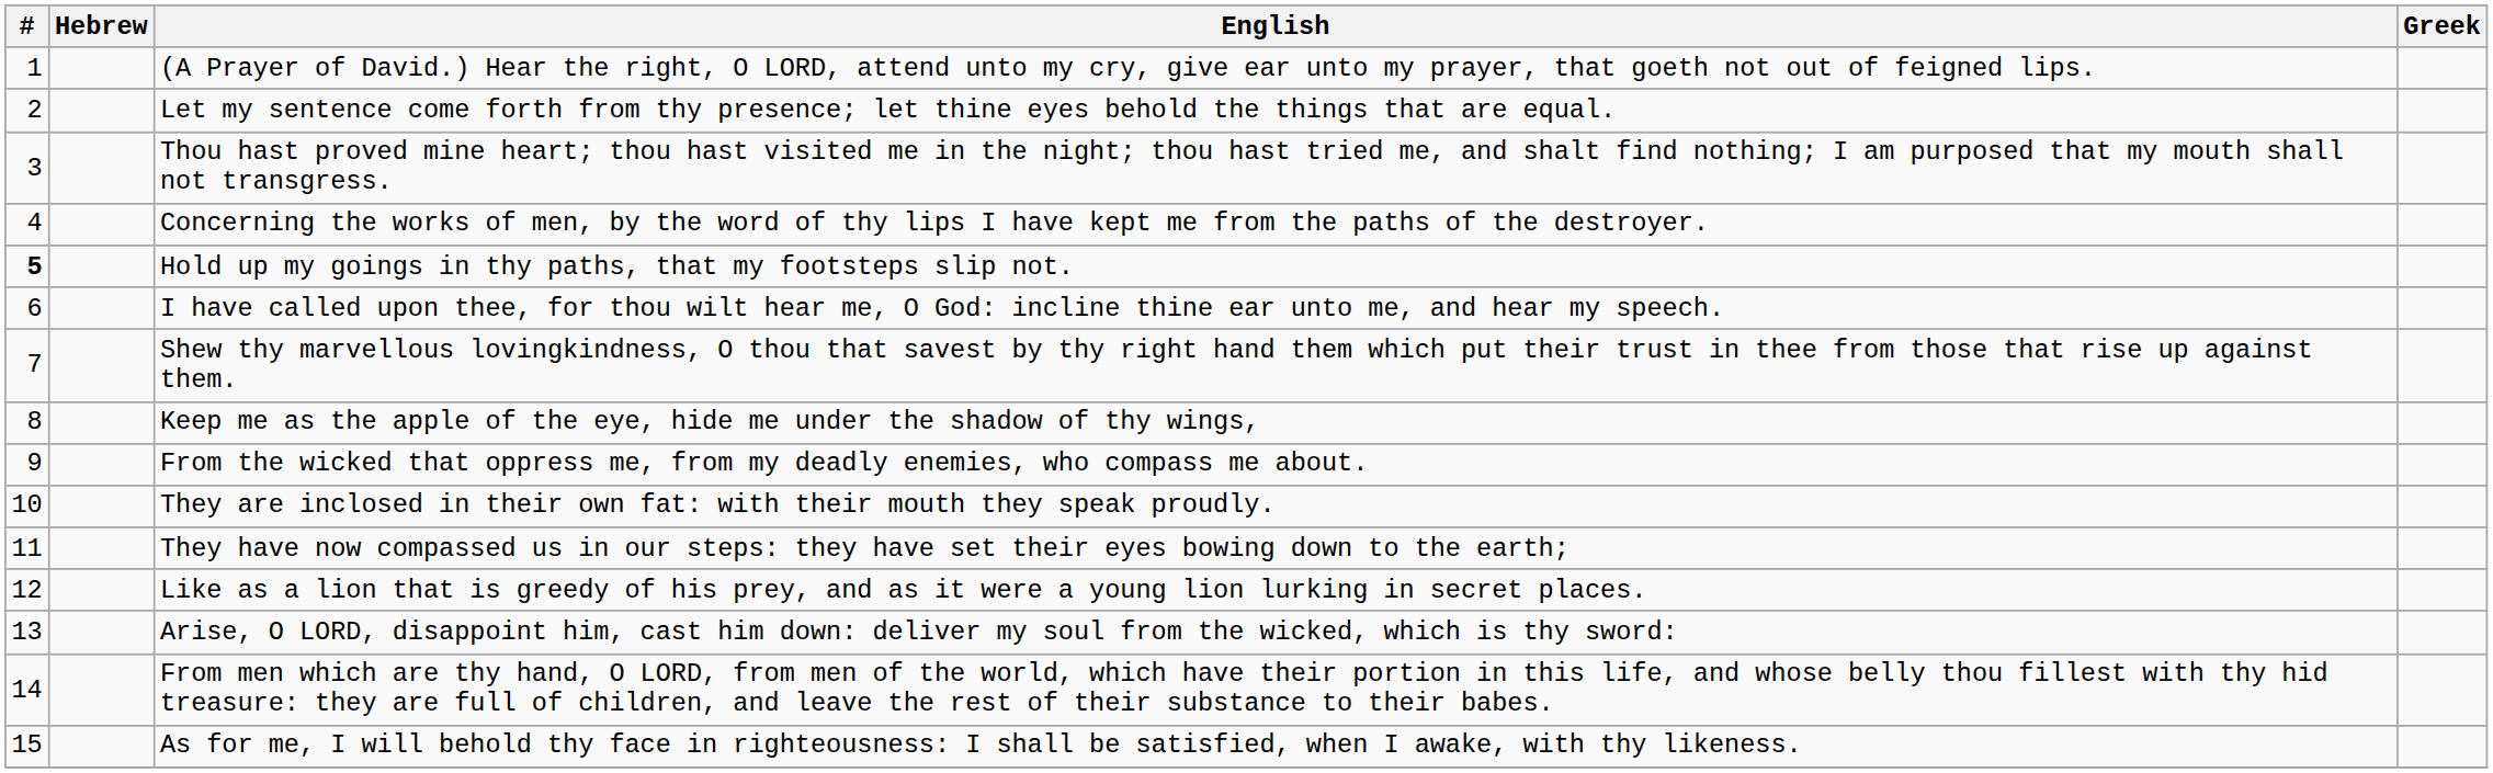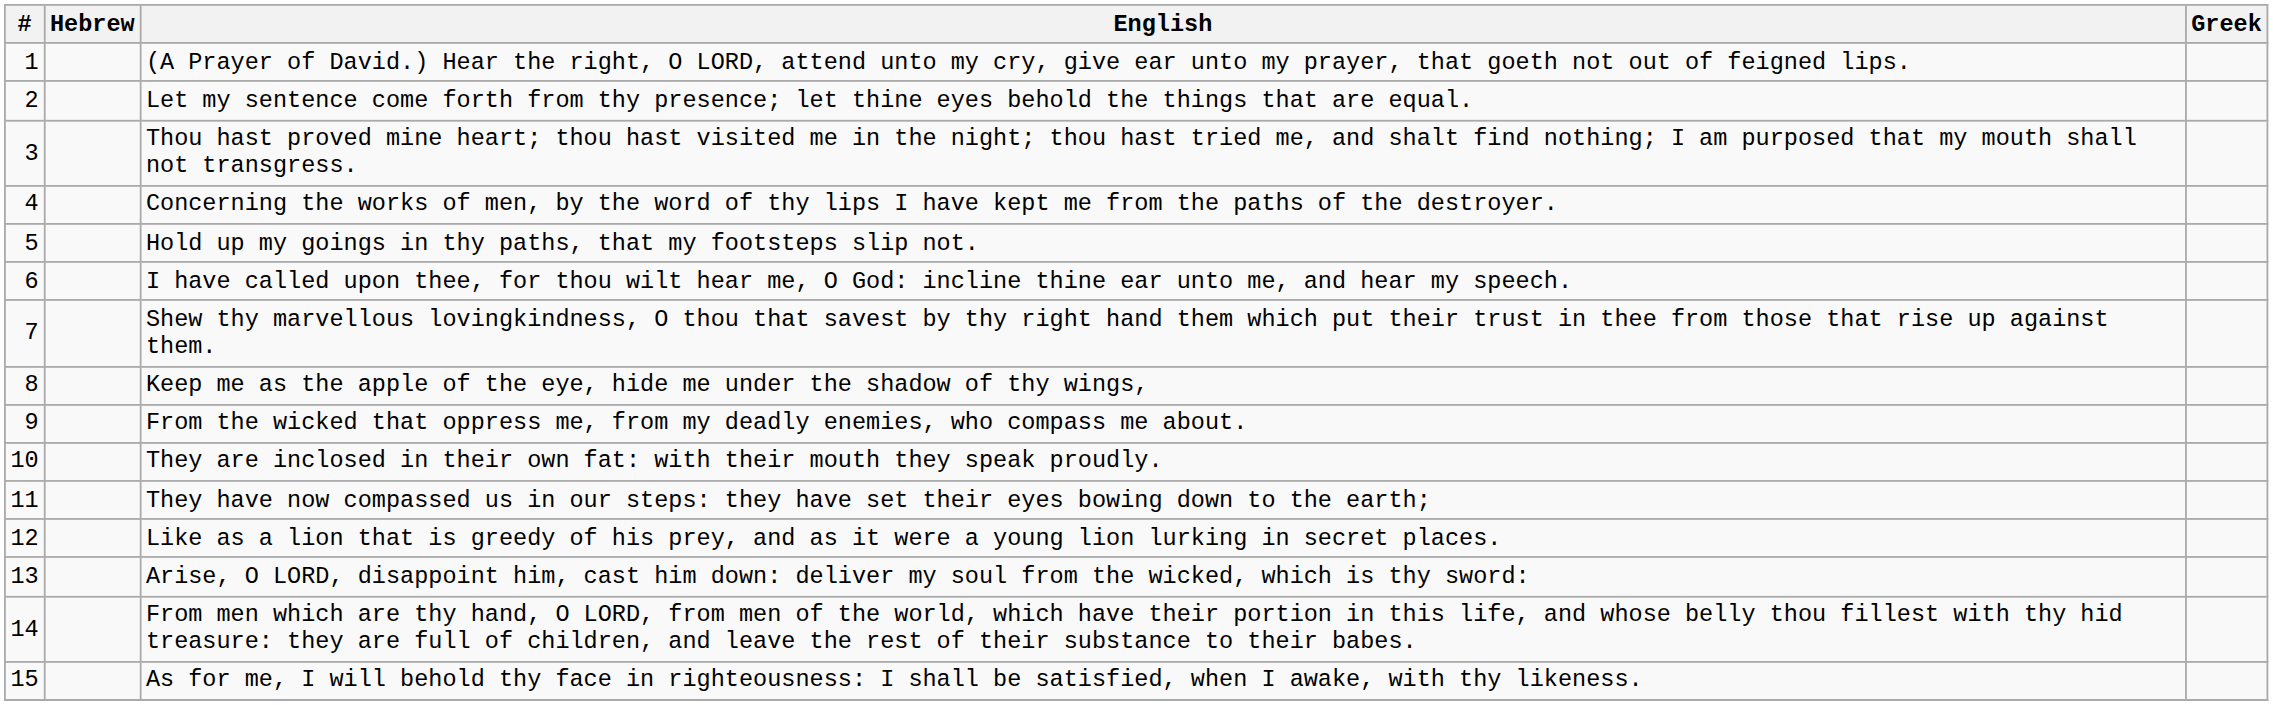 <table class=wikitable>
 <tr>
 <th>#</th>
 <th>Hebrew</th>
 <th>English</th>
 <th>Greek</th>
 </tr>
 <tr>
 <td style="text-align:right">1</td>
 <td style="text-align:right"></td>
 <td>(A Prayer of David.) Hear the right, O LORD, attend unto my cry, give ear unto my prayer, that goeth not out of feigned lips.</td>
 <td></td>
 </tr>
 <tr>
 <td style="text-align:right">2</td>
 <td style="text-align:right"></td>
 <td>Let my sentence come forth from thy presence; let thine eyes behold the things that are equal.</td>
 <td></td>
 </tr>
 <tr>
 <td style="text-align:right">3</td>
 <td style="text-align:right"></td>
 <td>Thou hast proved mine heart; thou hast visited me in the night; thou hast tried me, and shalt find nothing; I am purposed that my mouth shall not transgress.</td>
 <td></td>
 </tr>
 <tr>
 <td style="text-align:right">4</td>
 <td style="text-align:right"></td>
 <td>Concerning the works of men, by the word of thy lips I have kept me from the paths of the destroyer.</td>
 <td></td>
 </tr>
 <tr>
-<td style="text-align:right"><strong>5</strong></td>
+<td style="text-align:right">5</td>
 <td style="text-align:right"></td>
 <td>Hold up my goings in thy paths, that my footsteps slip not.</td>
 <td></td>
 </tr>
 <tr>
 <td style="text-align:right">6</td>
 <td style="text-align:right"></td>
 <td>I have called upon thee, for thou wilt hear me, O God: incline thine ear unto me, and hear my speech.</td>
 <td></td>
 </tr>
 <tr>
 <td style="text-align:right">7</td>
 <td style="text-align:right"></td>
 <td>Shew thy marvellous lovingkindness, O thou that savest by thy right hand them which put their trust in thee from those that rise up against them.</td>
 <td></td>
 </tr>
 <tr>
 <td style="text-align:right">8</td>
 <td style="text-align:right"></td>
 <td>Keep me as the apple of the eye, hide me under the shadow of thy wings,</td>
 <td></td>
 </tr>
 <tr>
 <td style="text-align:right">9</td>
 <td style="text-align:right"></td>
 <td>From the wicked that oppress me, from my deadly enemies, who compass me about.</td>
 <td></td>
 </tr>
 <tr>
 <td style="text-align:right">10</td>
 <td style="text-align:right"></td>
 <td>They are inclosed in their own fat: with their mouth they speak proudly.</td>
 <td></td>
 </tr>
 <tr>
 <td style="text-align:right">11</td>
 <td style="text-align:right"></td>
 <td>They have now compassed us in our steps: they have set their eyes bowing down to the earth;</td>
 <td></td>
 </tr>
 <tr>
 <td style="text-align:right">12</td>
 <td style="text-align:right"></td>
 <td>Like as a lion that is greedy of his prey, and as it were a young lion lurking in secret places.</td>
 <td></td>
 </tr>
 <tr>
 <td style="text-align:right">13</td>
 <td style="text-align:right"></td>
 <td>Arise, O LORD, disappoint him, cast him down: deliver my soul from the wicked, which is thy sword:</td>
 <td></td>
 </tr>
 <tr>
 <td style="text-align:right">14</td>
 <td style="text-align:right"></td>
 <td>From men which are thy hand, O LORD, from men of the world, which have their portion in this life, and whose belly thou fillest with thy hid treasure: they are full of children, and leave the rest of their substance to their babes.</td>
 <td></td>
 </tr>
 <tr>
 <td style="text-align:right">15</td>
 <td style="text-align:right"></td>
 <td>As for me, I will behold thy face in righteousness: I shall be satisfied, when I awake, with thy likeness.</td>
 <td></td>
 </tr>
 <tr>
 </tr>
 </table>
